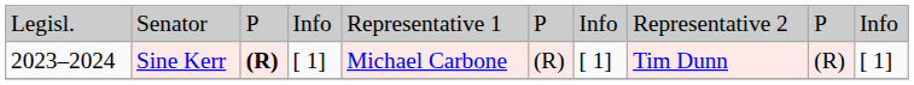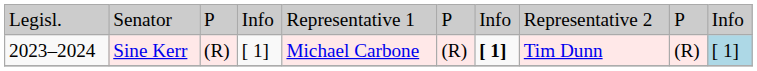 <table class=wikitable width="100%" border="1">
 <tr style="background-color:#cccccc;">
 <td>Legisl.</td>
 <td>Senator</td>
 <td>P</td>
 <td>Info</td>
 <td>Representative 1</td>
 <td>P</td>
 <td>Info</td>
 <td>Representative 2</td>
 <td>P</td>
 <td>Info</td>
 </tr>
 <tr>
 <td>2023–2024</td>
 <td style="background:#FFE8E8"><a href='#'>Sine Kerr</a></td>
-<td style="background:#FFE8E8"><strong>(R)</strong></td>
+<td style="background:#FFE8E8">(R)</td>
 <td>[ 1]</td>
 <td style="background:#FFE8E8"><a href='#'>Michael Carbone</a></td>
 <td style="background:#FFE8E8">(R)</td>
-<td>[ 1]</td>
+<td><strong>[ 1]</strong></td>
 <td style="background:#FFE8E8"><a href='#'>Tim Dunn</a></td>
 <td style="background:#FFE8E8">(R)</td>
-<td>[ 1]</td>
+<td style="background: lightblue;">[ 1]</td>
 </tr>
 <tr>
 </tr>
 </table>
